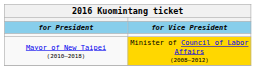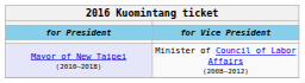 <table class="wikitable" style="font-size:90%; text-align:center;">
 <tr>
 <td colspan="28" style="background:#f1f1f1;"><big><strong>2016 Kuomintang ticket</strong></big></td>
 </tr>
 <tr>
 <th style="width:3em; font-size:135%; background:"></th>
 <th style="width:3em; font-size:135%; background:"></th>
 </tr>
 <tr style="color:#000; font-size:100%; background:skyblue;">
 <td style="width:3em; width:200px;"><strong><em>for President</em></strong></td>
 <td style="width:3em; width:200px;"><strong><em>for Vice President</em></strong></td>
 </tr>
 <tr>
 <td></td>
 <td></td>
 </tr>
 <tr>
-<td><a href='#'>Mayor of New Taipei</a><br><small>(2010–2018)</small></td>
-<td style="background: gold;">Minister of <a href='#'>Council of Labor Affairs</a><br><small>(2008–2012)</small></td>
+<td style="background: lavender;"><a href='#'>Mayor of New Taipei</a><br><small>(2010–2018)</small></td>
+<td>Minister of <a href='#'>Council of Labor Affairs</a><br><small>(2008–2012)</small></td>
 </tr>
 <tr>
 </tr>
 </table>
